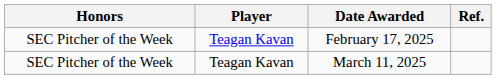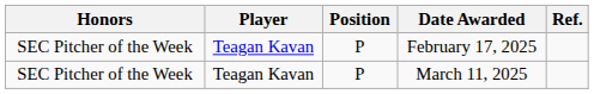 <table class="wikitable" style="width: 60%;text-align: center;">
 <tr>
 <th>Honors</th>
 <th>Player</th>
+<th>Position</th>
 <th>Date Awarded</th>
 <th>Ref.</th>
 </tr>
 <tr align="center">
 <td rowspan="1">SEC Pitcher of the Week</td>
 <td><a href='#'>Teagan Kavan</a></td>
+<td>P</td>
 <td rowspan="1">February 17, 2025</td>
 <td rowspan="1"></td>
 </tr>
 <tr align="center">
 <td rowspan="1">SEC Pitcher of the Week</td>
 <td>Teagan Kavan</td>
+<td>P</td>
 <td rowspan="1">March 11, 2025</td>
 <td rowspan="1"></td>
 </tr>
 </table>
